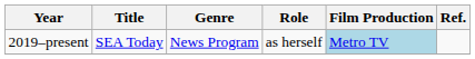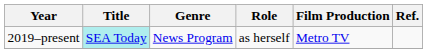 <table class="wikitable" style="font-size: 95%;">
 <tr>
 <th>Year</th>
 <th>Title</th>
 <th>Genre</th>
 <th>Role</th>
 <th>Film Production</th>
 <th>Ref.</th>
 </tr>
 <tr>
 <td>2019–present</td>
-<td><a href='#'>SEA Today</a></td>
+<td style="background: paleturquoise;"><a href='#'>SEA Today</a></td>
 <td><a href='#'>News Program</a></td>
 <td>as herself</td>
-<td style="background: lightblue;"><a href='#'>Metro TV</a></td>
+<td><a href='#'>Metro TV</a></td>
 <td></td>
 </tr>
 <tr>
 </tr>
 </table>
